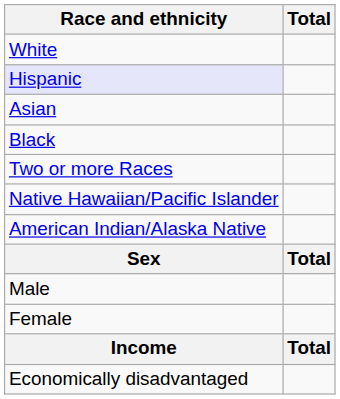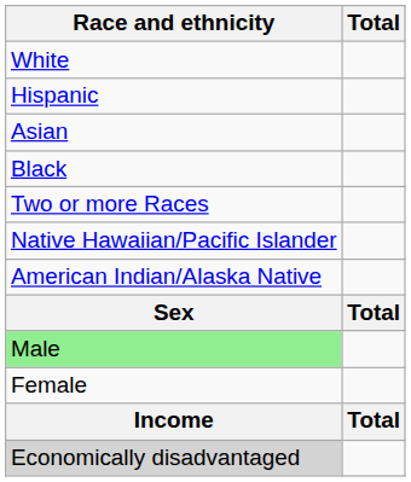 <table class="wikitable floatright sortable collapsible"; text-align:right; font-size:80%;">
 <tr>
 <th>Race and ethnicity</th>
 <th colspan="2" data-sort-type=number>Total</th>
 </tr>
 <tr>
 <td><a href='#'>White</a></td>
 <td align=right></td>
 </tr>
 <tr>
-<td style="background: lavender;"><a href='#'>Hispanic</a></td>
+<td><a href='#'>Hispanic</a></td>
 <td align=right></td>
 </tr>
 <tr>
 <td><a href='#'>Asian</a></td>
 <td align=right></td>
 </tr>
 <tr>
 <td><a href='#'>Black</a></td>
 <td align=right></td>
 </tr>
 <tr>
 <td><a href='#'>Two or more Races</a></td>
 <td align=right></td>
 </tr>
 <tr>
 <td><a href='#'>Native Hawaiian/Pacific Islander</a></td>
 <td align=right></td>
 </tr>
 <tr>
 <td><a href='#'>American Indian/Alaska Native</a></td>
 <td align=right></td>
 </tr>
 <tr>
 <th>Sex</th>
 <th colspan="2" data-sort-type=number>Total</th>
 </tr>
 <tr>
-<td>Male</td>
+<td style="background: lightgreen;">Male</td>
 <td align=right></td>
 </tr>
 <tr>
 <td>Female</td>
 <td align=right></td>
 </tr>
 <tr>
 <th>Income</th>
 <th colspan="2" data-sort-type=number>Total</th>
 </tr>
 <tr>
-<td>Economically disadvantaged</td>
+<td style="background: lightgrey;">Economically disadvantaged</td>
 <td align=right></td>
 </tr>
 </table>
